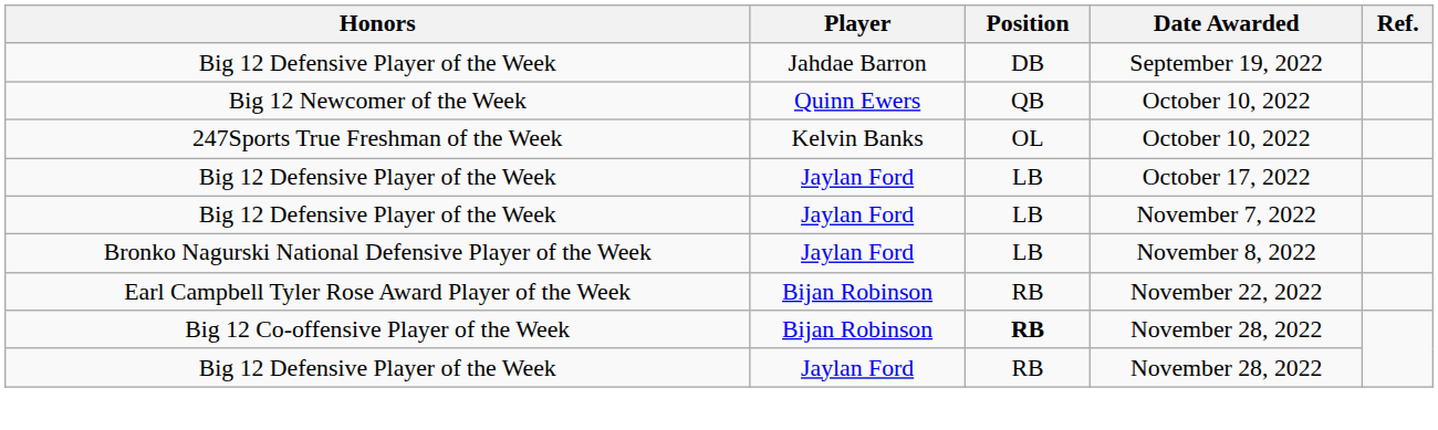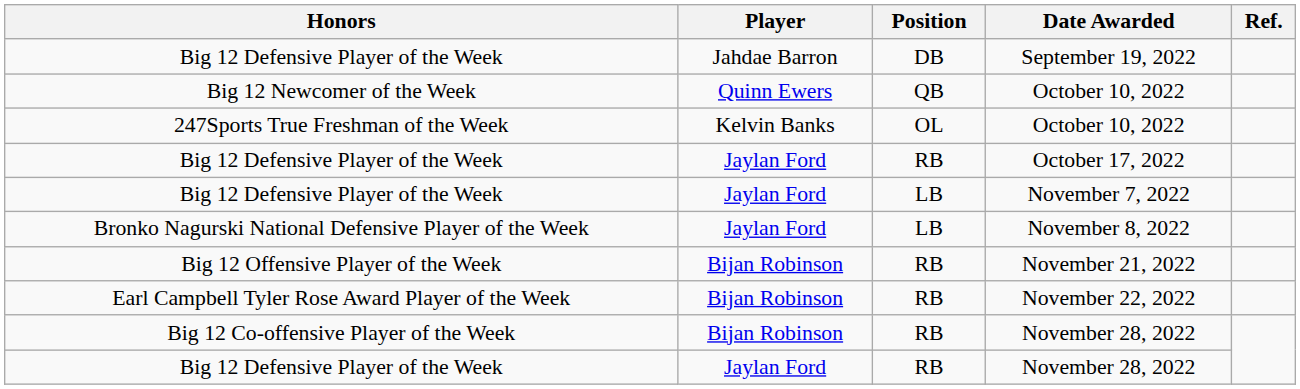 <table class="wikitable" style="width: 60%;text-align: center;">
 <tr>
 <th>Honors</th>
 <th>Player</th>
 <th>Position</th>
 <th>Date Awarded</th>
 <th>Ref.</th>
 </tr>
 <tr align="center">
 <td rowspan="1">Big 12 Defensive Player of the Week</td>
 <td>Jahdae Barron</td>
 <td>DB</td>
 <td>September 19, 2022</td>
 <td></td>
 </tr>
 <tr align="center">
 <td rowspan="1">Big 12 Newcomer of the Week</td>
 <td><a href='#'>Quinn Ewers</a></td>
 <td>QB</td>
 <td>October 10, 2022</td>
 <td></td>
 </tr>
 <tr align="center">
 <td rowspan="1">247Sports True Freshman of the Week</td>
 <td>Kelvin Banks</td>
 <td>OL</td>
 <td>October 10, 2022</td>
 <td></td>
 </tr>
 <tr align="center">
 <td rowspan="1">Big 12 Defensive Player of the Week</td>
 <td><a href='#'>Jaylan Ford</a></td>
-<td>LB</td>
+<td>RB</td>
 <td>October 17, 2022</td>
 <td></td>
 </tr>
 <tr align="center">
 <td rowspan="1">Big 12 Defensive Player of the Week</td>
 <td><a href='#'>Jaylan Ford</a></td>
 <td>LB</td>
 <td>November 7, 2022</td>
 <td></td>
 </tr>
 <tr align="center">
 <td rowspan="1">Bronko Nagurski National Defensive Player of the Week</td>
 <td><a href='#'>Jaylan Ford</a></td>
 <td>LB</td>
 <td>November 8, 2022</td>
 <td></td>
 </tr>
 <tr align="center">
+<td rowspan="1">Big 12 Offensive Player of the Week</td>
+<td><a href='#'>Bijan Robinson</a></td>
+<td>RB</td>
+<td>November 21, 2022</td>
+<td></td>
+</tr>
+<tr align="center">
 <td rowspan="1">Earl Campbell Tyler Rose Award Player of the Week</td>
 <td><a href='#'>Bijan Robinson</a></td>
 <td>RB</td>
 <td>November 22, 2022</td>
 <td></td>
 </tr>
 <tr align="center">
 <td rowspan="1">Big 12 Co-offensive Player of the Week</td>
 <td><a href='#'>Bijan Robinson</a></td>
-<td><strong>RB</strong></td>
+<td>RB</td>
 <td>November 28, 2022</td>
 <td rowspan="2"></td>
 </tr>
 <tr align="center">
 <td rowspan="1">Big 12 Defensive Player of the Week</td>
 <td><a href='#'>Jaylan Ford</a></td>
 <td>RB</td>
 <td>November 28, 2022</td>
 </tr>
 </table>
